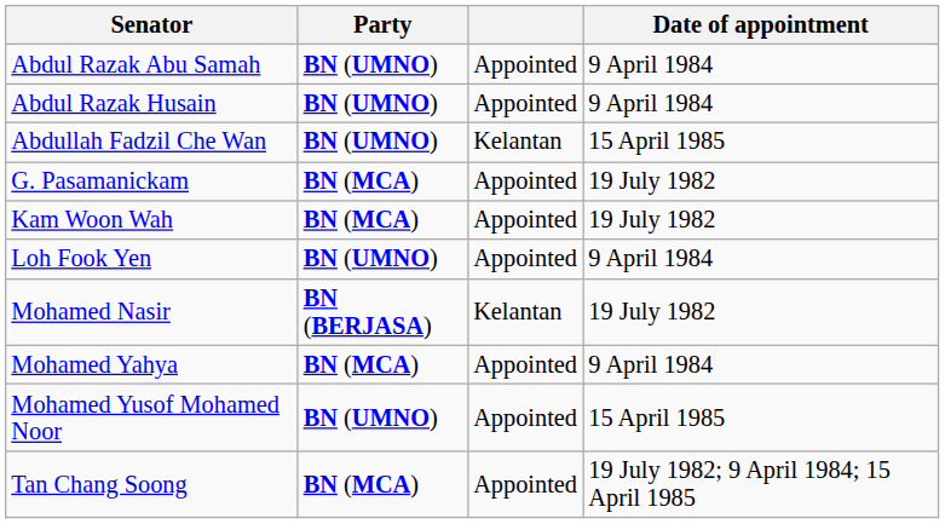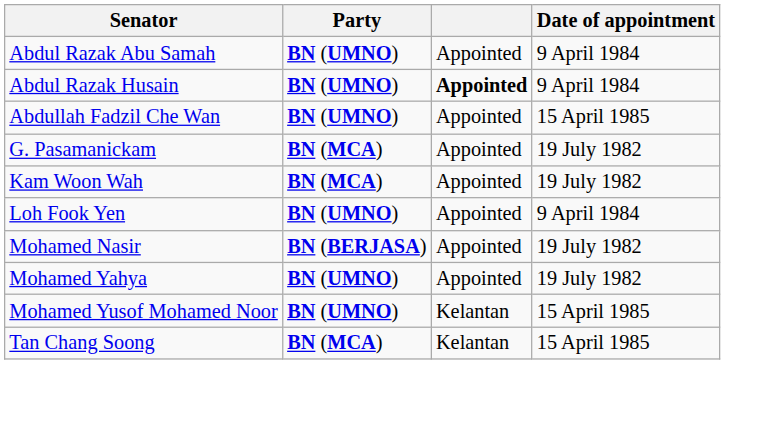 <table class="wikitable sortable">
 <tr>
 <th>Senator</th>
 <th>Party</th>
 <th></th>
 <th>Date of appointment</th>
 </tr>
 <tr>
 <td><a href='#'>Abdul Razak Abu Samah</a></td>
 <td><strong><a href='#'>BN</a></strong> (<strong><a href='#'>UMNO</a></strong>)</td>
 <td>Appointed</td>
 <td>9 April 1984</td>
 </tr>
 <tr>
 <td><a href='#'>Abdul Razak Husain</a></td>
 <td><strong><a href='#'>BN</a></strong> (<strong><a href='#'>UMNO</a></strong>)</td>
-<td>Appointed</td>
+<td><strong>Appointed</strong></td>
 <td>9 April 1984</td>
 </tr>
 <tr>
 <td><a href='#'>Abdullah Fadzil Che Wan</a></td>
 <td><strong><a href='#'>BN</a></strong> (<strong><a href='#'>UMNO</a></strong>)</td>
-<td>Kelantan</td>
+<td>Appointed</td>
 <td>15 April 1985</td>
 </tr>
 <tr>
 <td><a href='#'>G. Pasamanickam</a></td>
 <td><strong><a href='#'>BN</a></strong> (<strong><a href='#'>MCA</a></strong>)</td>
 <td>Appointed</td>
 <td>19 July 1982</td>
 </tr>
 <tr>
 <td><a href='#'>Kam Woon Wah</a></td>
 <td><strong><a href='#'>BN</a></strong> (<strong><a href='#'>MCA</a></strong>)</td>
 <td>Appointed</td>
 <td>19 July 1982</td>
 </tr>
 <tr>
 <td><a href='#'>Loh Fook Yen</a></td>
 <td><strong><a href='#'>BN</a></strong> (<strong><a href='#'>UMNO</a></strong>)</td>
 <td>Appointed</td>
 <td>9 April 1984</td>
 </tr>
 <tr>
 <td><a href='#'>Mohamed Nasir</a></td>
 <td><strong><a href='#'>BN</a></strong> (<strong><a href='#'>BERJASA</a></strong>)</td>
-<td>Kelantan</td>
+<td>Appointed</td>
 <td>19 July 1982</td>
 </tr>
 <tr>
 <td><a href='#'>Mohamed Yahya</a></td>
-<td><strong><a href='#'>BN</a></strong> (<strong><a href='#'>MCA</a></strong>)</td>
+<td><strong><a href='#'>BN</a></strong> (<strong><a href='#'>UMNO</a></strong>)</td>
 <td>Appointed</td>
-<td>9 April 1984</td>
+<td>19 July 1982</td>
 </tr>
 <tr>
 <td><a href='#'>Mohamed Yusof Mohamed Noor</a></td>
 <td><strong><a href='#'>BN</a></strong> (<strong><a href='#'>UMNO</a></strong>)</td>
-<td>Appointed</td>
+<td>Kelantan</td>
 <td>15 April 1985</td>
 </tr>
 <tr>
 <td><a href='#'>Tan Chang Soong</a></td>
 <td><strong><a href='#'>BN</a></strong> (<strong><a href='#'>MCA</a></strong>)</td>
-<td>Appointed</td>
-<td>19 July 1982; 9 April 1984; 15 April 1985</td>
+<td>Kelantan</td>
+<td>15 April 1985</td>
 </tr>
 </table>
